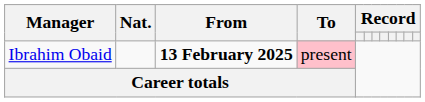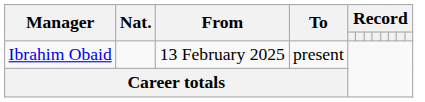 <table class="wikitable" style="text-align: center">
 <tr>
 <th rowspan="2">Manager</th>
 <th rowspan="2">Nat.</th>
 <th rowspan="2">From</th>
 <th rowspan="2">To</th>
 <th colspan="8">Record</th>
 </tr>
 <tr>
 <th></th>
 <th></th>
 <th></th>
 <th></th>
 <th></th>
 <th></th>
 <th></th>
 <th></th>
 </tr>
 <tr>
 <td><a href='#'>Ibrahim Obaid</a></td>
 <td></td>
-<td><strong>13 February 2025</strong></td>
-<td style="background: pink;">present<br></td>
+<td>13 February 2025</td>
+<td>present<br></td>
 </tr>
 <tr>
 <th colspan=4>Career totals<br></th>
 </tr>
 </table>
